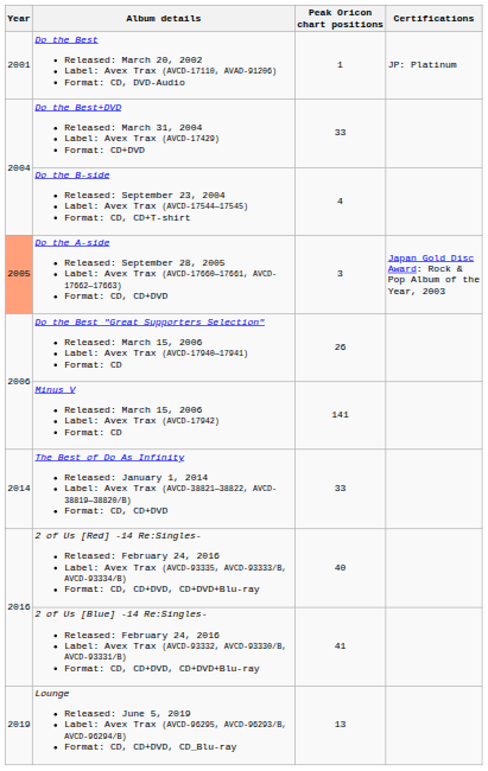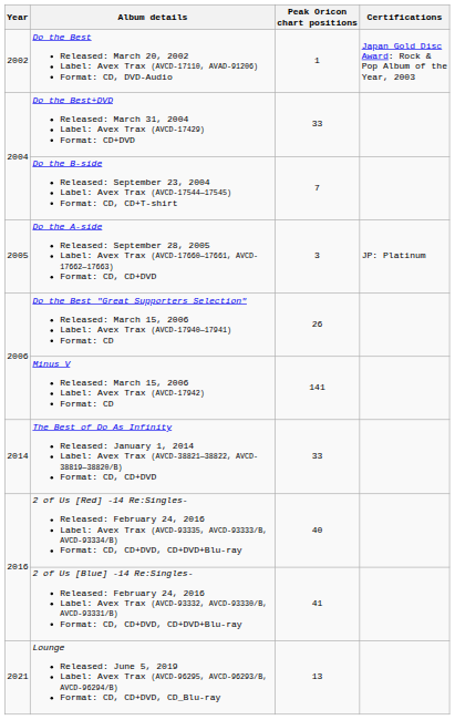 <table class="wikitable" border="1">
 <tr>
 <th rowspan="1">Year</th>
 <th rowspan="1" width="350">Album details</th>
 <th colspan="1">Peak Oricon<br> chart positions</th>
 <th rowspan="1" width="125">Certifications</th>
 </tr>
 <tr>
-<td>2001</td>
+<td>2002</td>
 <td align="left"><em><a href='#'>Do the Best</a></em><br><ul><li>Released: March 20, 2002</li><li>Label: Avex Trax <small>(AVCD-17110, AVAD-91206)</small></li><li>Format: CD, DVD-Audio</li></ul></td>
 <td align="center">1</td>
-<td>JP: Platinum</td>
+<td><a href='#'>Japan Gold Disc Award</a>: Rock & Pop Album of the Year, 2003</td>
 </tr>
 <tr>
 <td rowspan="2">2004</td>
 <td align="left"><em><a href='#'>Do the Best+DVD</a></em><br><ul><li>Released: March 31, 2004</li><li>Label: Avex Trax <small>(AVCD-17429)</small></li><li>Format: CD+DVD</li></ul></td>
 <td align="center">33</td>
 <td></td>
 </tr>
 <tr>
 <td align="left"><em><a href='#'>Do the B-side</a></em><br><ul><li>Released: September 23, 2004</li><li>Label: Avex Trax <small>(AVCD-17544—17545)</small></li><li>Format: CD, CD+T-shirt</li></ul></td>
-<td align="center">4</td>
+<td align="center">7</td>
 <td></td>
 </tr>
 <tr>
-<td style="background: lightsalmon;">2005</td>
+<td>2005</td>
 <td align="left"><em><a href='#'>Do the A-side</a></em><br><ul><li>Released: September 28, 2005</li><li>Label: Avex Trax <small>(AVCD-17660—17661, AVCD-17662—17663)</small></li><li>Format: CD, CD+DVD</li></ul></td>
 <td align="center">3</td>
-<td><a href='#'>Japan Gold Disc Award</a>: Rock & Pop Album of the Year, 2003</td>
+<td>JP: Platinum</td>
 </tr>
 <tr>
 <td rowspan="2">2006</td>
 <td align="left"><em><a href='#'>Do the Best "Great Supporters Selection"</a></em><br><ul><li>Released: March 15, 2006</li><li>Label: Avex Trax <small>(AVCD-17940—17941)</small></li><li>Format: CD</li></ul></td>
 <td align="center">26</td>
 <td></td>
 </tr>
 <tr>
 <td align="left"><em><a href='#'>Minus V</a></em><br><ul><li>Released: March 15, 2006</li><li>Label: Avex Trax <small>(AVCD-17942)</small></li><li>Format: CD</li></ul></td>
 <td align="center">141</td>
 <td></td>
 </tr>
 <tr>
 <td>2014</td>
 <td align="left"><em><a href='#'>The Best of Do As Infinity</a></em><br><ul><li>Released: January 1, 2014</li><li>Label: Avex Trax <small>(AVCD-38821—38822, AVCD-38819—38820/B)</small></li><li>Format: CD, CD+DVD</li></ul></td>
 <td align="center">33</td>
 <td></td>
 </tr>
 <tr>
 <td rowspan="2">2016</td>
 <td><em>2 of Us [Red] -14 Re:Singles-</em><br><ul><li>Released: February 24, 2016</li><li>Label: Avex Trax <small>(AVCD-93335, AVCD-93333/B, AVCD-93334/B)</small></li><li>Format: CD, CD+DVD, CD+DVD+Blu-ray</li></ul></td>
 <td align="center">40</td>
 <td></td>
 </tr>
 <tr>
 <td><em>2 of Us [Blue] -14 Re:Singles-</em><br><ul><li>Released: February 24, 2016</li><li>Label: Avex Trax <small>(AVCD-93332, AVCD-93330/B, AVCD-93331/B)</small></li><li>Format: CD, CD+DVD, CD+DVD+Blu-ray</li></ul></td>
 <td align="center">41</td>
 <td></td>
 </tr>
 <tr>
-<td>2019</td>
+<td>2021</td>
 <td align="left"><em>Lounge</em><br><ul><li>Released: June 5, 2019</li><li>Label: Avex Trax <small>(AVCD-96295, AVCD-96293/B, AVCD-96294/B)</small></li><li>Format: CD, CD+DVD, CD_Blu-ray</li></ul></td>
 <td align="center">13</td>
 <td></td>
 </tr>
 </table>
